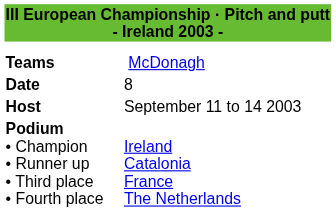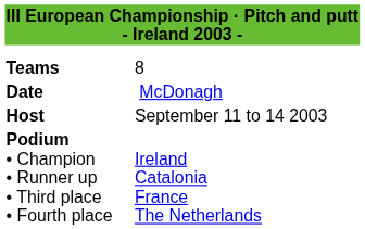 <table class="toccolours" style="float: right; margin: 0 0 1em 1em; font-size: 90%;">
 <tr>
 <td colspan="2" style="background: #66bb33; text-align: center;"><strong>III European Championship · Pitch and putt<br>- Ireland 2003 -</strong></td>
 </tr>
 <tr>
 <td colspan="2" style="text-align: center;"></td>
 </tr>
 <tr style="vertical-align:top;">
 <td colspan=2></td>
 </tr>
 <tr style="vertical-align:top;">
 <td><strong>Teams</strong></td>
-<td> <a href='#'>McDonagh</a></td>
+<td>8</td>
 </tr>
 <tr style="vertical-align:top;">
 <td><strong>Date</strong></td>
-<td>8</td>
+<td> <a href='#'>McDonagh</a></td>
 </tr>
 <tr style="vertical-align:top;">
 <td><strong>Host</strong></td>
 <td>September 11 to 14 2003</td>
 </tr>
 <tr style="vertical-align:top;">
 <td><strong>Podium</strong><br>• Champion<br>• Runner up<br>• Third place<br>• Fourth place</td>
 <td><br> <a href='#'>Ireland</a> <br> <a href='#'>Catalonia</a> <br> <a href='#'>France</a> <br> <a href='#'>The Netherlands</a> <br></td>
 </tr>
 </table>
